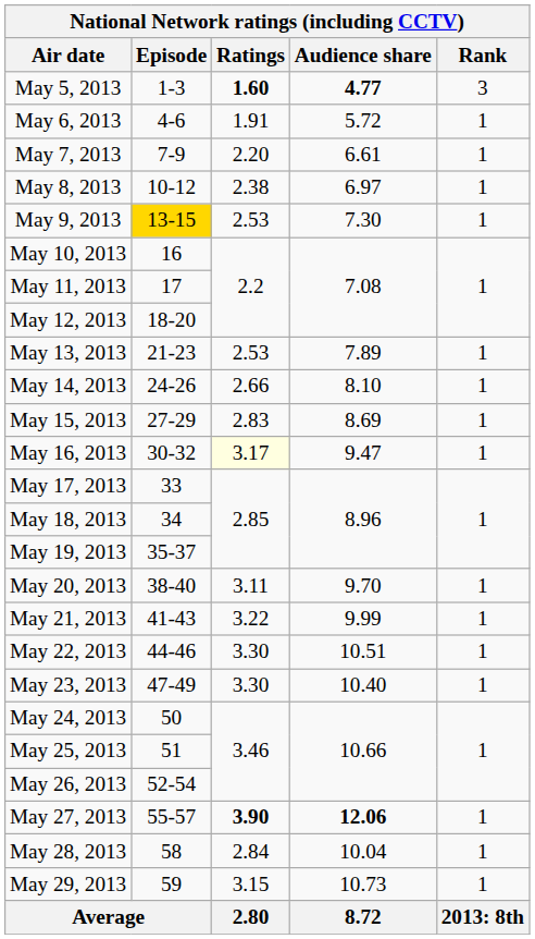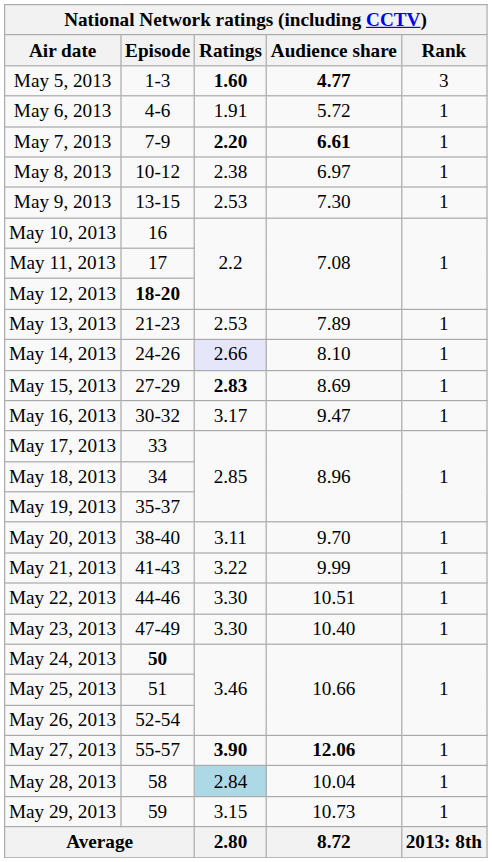 <table class="wikitable sortable mw-collapsible mw-collapsed jquery-tablesorter" style="text-align:center">
 <tr>
 <th colspan="5">National Network ratings (including <a href='#'>CCTV</a>)</th>
 </tr>
 <tr>
 <th>Air date</th>
 <th>Episode</th>
 <th>Ratings</th>
 <th>Audience share</th>
 <th>Rank</th>
 </tr>
 <tr>
 <td>May 5, 2013</td>
 <td>1-3</td>
 <td><strong><span>1.60</span></strong></td>
 <td><strong><span>4.77</span></strong></td>
 <td>3</td>
 </tr>
 <tr>
 <td>May 6, 2013</td>
 <td>4-6</td>
 <td>1.91</td>
 <td>5.72</td>
 <td>1</td>
 </tr>
 <tr>
 <td>May 7, 2013</td>
 <td>7-9</td>
-<td>2.20</td>
-<td>6.61</td>
+<td><strong>2.20</strong></td>
+<td><strong>6.61</strong></td>
 <td>1</td>
 </tr>
 <tr>
 <td>May 8, 2013</td>
 <td>10-12</td>
 <td>2.38</td>
 <td>6.97</td>
 <td>1</td>
 </tr>
 <tr>
 <td>May 9, 2013</td>
-<td style="background: gold;">13-15</td>
+<td>13-15</td>
 <td>2.53</td>
 <td>7.30</td>
 <td>1</td>
 </tr>
 <tr>
 <td>May 10, 2013</td>
 <td>16</td>
 <td rowspan="3">2.2</td>
 <td rowspan="3">7.08</td>
 <td rowspan="3">1</td>
 </tr>
 <tr>
 <td>May 11, 2013</td>
 <td>17</td>
 </tr>
 <tr>
 <td>May 12, 2013</td>
-<td>18-20</td>
+<td><strong>18-20</strong></td>
 </tr>
 <tr>
 <td>May 13, 2013</td>
 <td>21-23</td>
 <td>2.53</td>
 <td>7.89</td>
 <td>1</td>
 </tr>
 <tr>
 <td>May 14, 2013</td>
 <td>24-26</td>
-<td>2.66</td>
+<td style="background: lavender;">2.66</td>
 <td>8.10</td>
 <td>1</td>
 </tr>
 <tr>
 <td>May 15, 2013</td>
 <td>27-29</td>
-<td>2.83</td>
+<td><strong>2.83</strong></td>
 <td>8.69</td>
 <td>1</td>
 </tr>
 <tr>
 <td>May 16, 2013</td>
 <td>30-32</td>
-<td style="background: lightyellow;">3.17</td>
+<td>3.17</td>
 <td>9.47</td>
 <td>1</td>
 </tr>
 <tr>
 <td>May 17, 2013</td>
 <td>33</td>
 <td rowspan="3">2.85</td>
 <td rowspan="3">8.96</td>
 <td rowspan="3">1</td>
 </tr>
 <tr>
 <td>May 18, 2013</td>
 <td>34</td>
 </tr>
 <tr>
 <td>May 19, 2013</td>
 <td>35-37</td>
 </tr>
 <tr>
 <td>May 20, 2013</td>
 <td>38-40</td>
 <td>3.11</td>
 <td>9.70</td>
 <td>1</td>
 </tr>
 <tr>
 <td>May 21, 2013</td>
 <td>41-43</td>
 <td>3.22</td>
 <td>9.99</td>
 <td>1</td>
 </tr>
 <tr>
 <td>May 22, 2013</td>
 <td>44-46</td>
 <td>3.30</td>
 <td>10.51</td>
 <td>1</td>
 </tr>
 <tr>
 <td>May 23, 2013</td>
 <td>47-49</td>
 <td>3.30</td>
 <td>10.40</td>
 <td>1</td>
 </tr>
 <tr>
 <td>May 24, 2013</td>
-<td>50</td>
+<td><strong>50</strong></td>
 <td rowspan="3">3.46</td>
 <td rowspan="3">10.66</td>
 <td rowspan="3">1</td>
 </tr>
 <tr>
 <td>May 25, 2013</td>
 <td>51</td>
 </tr>
 <tr>
 <td>May 26, 2013</td>
 <td>52-54</td>
 </tr>
 <tr>
 <td>May 27, 2013</td>
 <td>55-57</td>
 <td><strong><span>3.90</span></strong></td>
 <td><strong><span>12.06</span></strong></td>
 <td>1</td>
 </tr>
 <tr>
 <td>May 28, 2013</td>
 <td>58</td>
-<td>2.84</td>
+<td style="background: lightblue;">2.84</td>
 <td>10.04</td>
 <td>1</td>
 </tr>
 <tr>
 <td>May 29, 2013</td>
 <td>59</td>
 <td>3.15</td>
 <td>10.73</td>
 <td>1</td>
 </tr>
 <tr>
 <th colspan="2">Average</th>
 <th>2.80</th>
 <th>8.72</th>
 <th>2013: 8th</th>
 </tr>
 </table>
